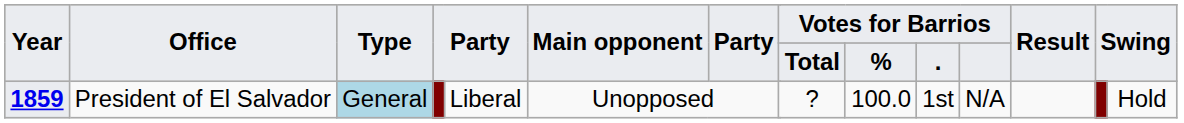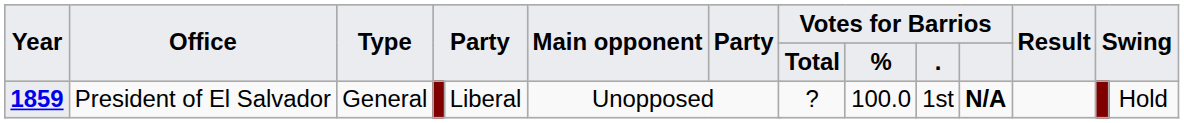 <table class="wikitable" style="font-size:90%; text-align:center;">
 <tr>
 <th style="background-color:#EAECF0;" rowspan="2">Year</th>
 <th style="background-color:#EAECF0;" rowspan="2">Office</th>
 <th style="background-color:#EAECF0;" rowspan="2">Type</th>
 <th style="background-color:#EAECF0;" colspan="2" rowspan="2">Party</th>
 <th style="background-color:#EAECF0;" rowspan="2">Main opponent</th>
 <th style="background-color:#EAECF0;" colspan="2" rowspan="2">Party</th>
 <th style="background-color:#EAECF0;" colspan="4">Votes for Barrios</th>
 <th style="background-color:#EAECF0;" rowspan="2">Result</th>
 <th style="background-color:#EAECF0;" colspan="2" rowspan="2">Swing</th>
 </tr>
 <tr>
 <th style="background-color:#EAECF0;">Total</th>
 <th style="background-color:#EAECF0;">%</th>
 <th style="background-color:#EAECF0;">.</th>
 <th style="background-color:#EAECF0;"></th>
 </tr>
 <tr>
 <th style="background-color:#EAECF0;"><a href='#'>1859</a></th>
 <td>President of El Salvador</td>
-<td style="background: lightblue;">General</td>
+<td>General</td>
 <td style="background-color:Maroon;"></td>
 <td>Liberal</td>
 <td colspan="3">Unopposed</td>
 <td>?</td>
 <td>100.0</td>
 <td>1st</td>
-<td>N/A</td>
+<td><strong>N/A</strong></td>
 <td></td>
 <td style="background-color:Maroon;"></td>
 <td>Hold</td>
 </tr>
 </table>
